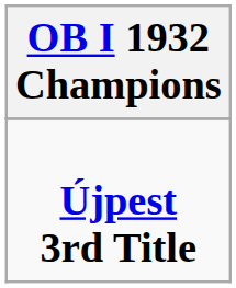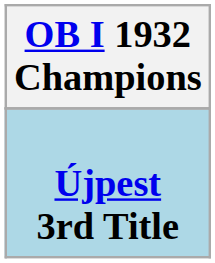 <table class="wikitable" style="text-align: center; margin: 0 auto;">
 <tr>
 <th><a href='#'>OB I</a> 1932<br>Champions</th>
 </tr>
 <tr>
 </tr>
 <tr>
-<td> <br><strong><a href='#'>Újpest</a></strong><br><strong>3rd Title</strong></td>
+<td style="background: lightblue;"> <br><strong><a href='#'>Újpest</a></strong><br><strong>3rd Title</strong></td>
 </tr>
 </table>
